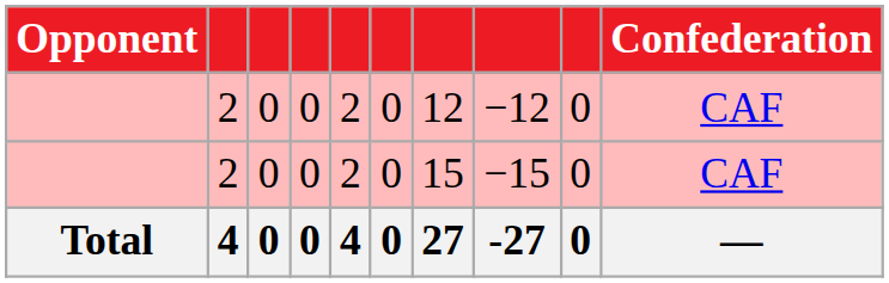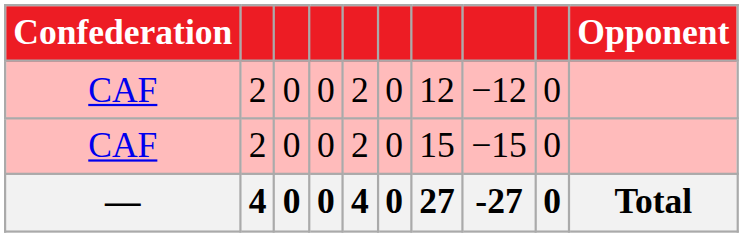 <table class="wikitable sortable" style="text-align:center;">
 <tr style="color:white">
-<th style="background-color:#ED1C24;color:white">Opponent</th>
+<th style="background-color:#ED1C24;color:white">Confederation</th>
 <th style="background-color:#ED1C24;"></th>
 <th style="background-color:#ED1C24;"></th>
 <th style="background-color:#ED1C24;"></th>
 <th style="background-color:#ED1C24;"></th>
 <th style="background-color:#ED1C24;"></th>
 <th style="background-color:#ED1C24;"></th>
 <th style="background-color:#ED1C24;"></th>
 <th style="background-color:#ED1C24;"></th>
-<th style="background-color:#ED1C24;color:white">Confederation</th>
+<th style="background-color:#ED1C24;color:white">Opponent</th>
 </tr>
 <tr bgcolor="#ffbbbb">
-<td style="text-align:left;"></td>
+<td><a href='#'>CAF</a></td>
 <td>2</td>
 <td>0</td>
 <td>0</td>
 <td>2</td>
 <td>0</td>
 <td>12</td>
 <td>−12</td>
 <td>0</td>
-<td><a href='#'>CAF</a></td>
+<td style="text-align:left;"></td>
 </tr>
 <tr bgcolor="#ffbbbb">
-<td style="text-align:left;"></td>
+<td><a href='#'>CAF</a></td>
 <td>2</td>
 <td>0</td>
 <td>0</td>
 <td>2</td>
 <td>0</td>
 <td>15</td>
 <td>−15</td>
 <td>0</td>
-<td><a href='#'>CAF</a></td>
+<td style="text-align:left;"></td>
 </tr>
 <tr>
-<th>Total</th>
+<th>—</th>
 <th>4</th>
 <th>0</th>
 <th>0</th>
 <th>4</th>
 <th>0</th>
 <th>27</th>
 <th>-27</th>
 <th>0</th>
-<th>—</th>
+<th>Total</th>
 </tr>
 </table>
